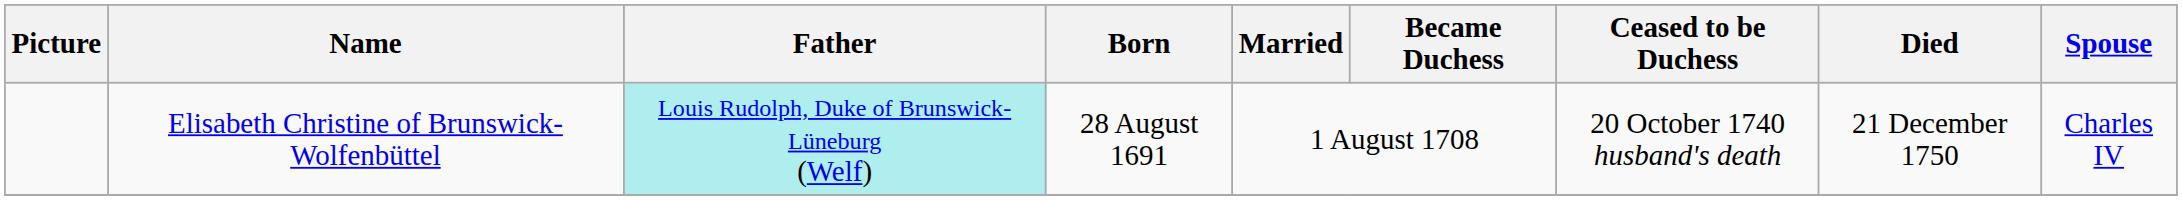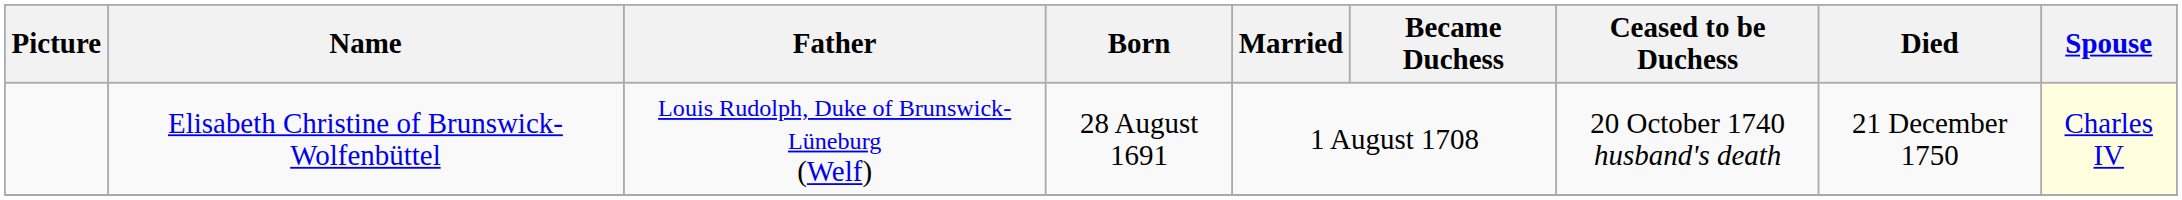 <table width=95% class="wikitable">
 <tr>
 <th>Picture</th>
 <th>Name</th>
 <th>Father</th>
 <th>Born</th>
 <th>Married</th>
 <th>Became Duchess</th>
 <th>Ceased to be Duchess</th>
 <th>Died</th>
 <th><a href='#'>Spouse</a></th>
 </tr>
 <tr>
 <td align="center"></td>
 <td align="center"><a href='#'>Elisabeth Christine of Brunswick-Wolfenbüttel</a></td>
-<td align="center" style="background: paleturquoise;"><small><a href='#'>Louis Rudolph, Duke of Brunswick-Lüneburg</a></small><br>(<a href='#'>Welf</a>)</td>
+<td align="center"><small><a href='#'>Louis Rudolph, Duke of Brunswick-Lüneburg</a></small><br>(<a href='#'>Welf</a>)</td>
 <td align="center">28 August 1691</td>
 <td align="center" colspan="2">1 August 1708</td>
 <td align="center">20 October 1740<br><em>husband's death</em></td>
 <td align="center">21 December 1750</td>
-<td align="center"><a href='#'>Charles IV</a></td>
+<td align="center" style="background: lightyellow;"><a href='#'>Charles IV</a></td>
 </tr>
 <tr>
 </tr>
 </table>
